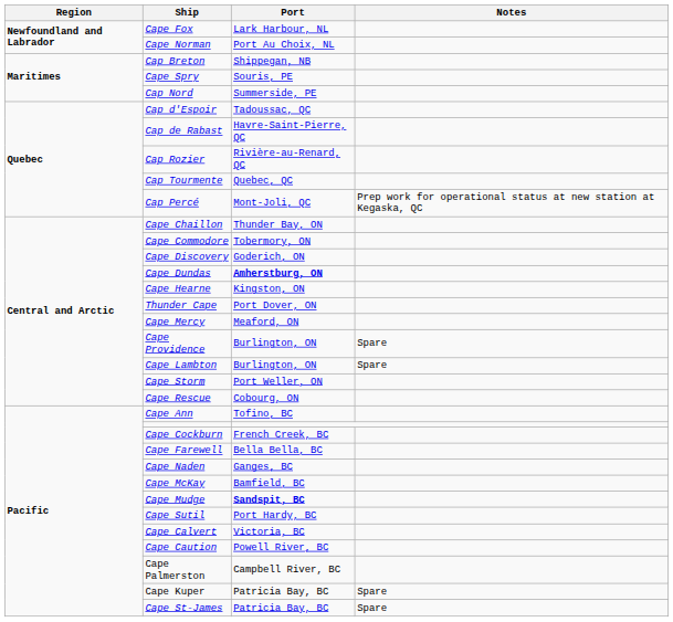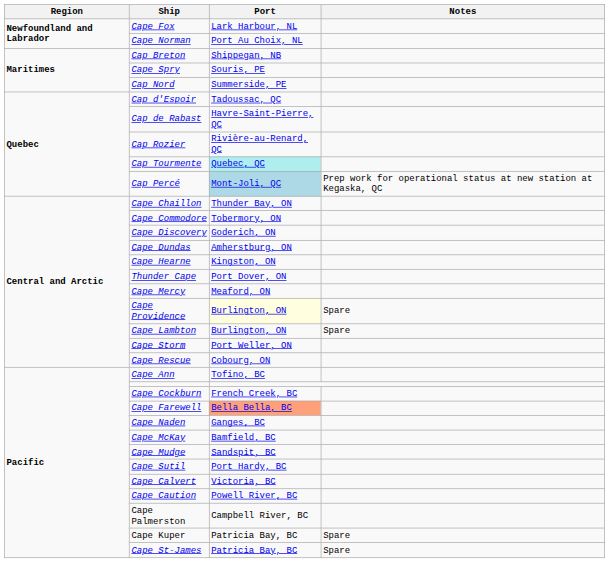 <table class="wikitable">
 <tr>
 <th>Region</th>
 <th>Ship</th>
 <th>Port</th>
 <th>Notes</th>
 </tr>
 <tr>
 <td rowspan="2"><strong>Newfoundland and Labrador</strong></td>
 <td><a href='#'><em>Cape Fox</em></a></td>
 <td><a href='#'>Lark Harbour, NL</a></td>
 <td></td>
 </tr>
 <tr>
 <td><a href='#'><em>Cape Norman</em></a></td>
 <td><a href='#'>Port Au Choix, NL</a></td>
 <td></td>
 </tr>
 <tr>
 <td rowspan="3"><strong>Maritimes</strong></td>
 <td><a href='#'><em>Cap Breton</em></a></td>
 <td><a href='#'>Shippegan, NB</a></td>
 <td></td>
 </tr>
 <tr>
 <td><a href='#'><em>Cape Spry</em></a></td>
 <td><a href='#'>Souris, PE</a></td>
 <td></td>
 </tr>
 <tr>
 <td><a href='#'><em>Cap Nord</em></a></td>
 <td><a href='#'>Summerside, PE</a></td>
 <td></td>
 </tr>
 <tr>
 <td rowspan="5"><strong>Quebec</strong></td>
 <td><a href='#'><em>Cap d'Espoir</em></a></td>
 <td><a href='#'>Tadoussac, QC</a></td>
 <td></td>
 </tr>
 <tr>
 <td><a href='#'><em>Cap de Rabast</em></a></td>
 <td><a href='#'>Havre-Saint-Pierre, QC</a></td>
 <td></td>
 </tr>
 <tr>
 <td><a href='#'><em>Cap Rozier</em></a></td>
 <td><a href='#'>Rivière-au-Renard, QC</a></td>
 <td></td>
 </tr>
 <tr>
 <td><a href='#'><em>Cap Tourmente</em></a></td>
-<td><a href='#'>Quebec, QC</a></td>
+<td style="background: paleturquoise;"><a href='#'>Quebec, QC</a></td>
 <td></td>
 </tr>
 <tr>
 <td><a href='#'><em>Cap Percé</em></a></td>
-<td><a href='#'>Mont-Joli, QC</a></td>
+<td style="background: lightblue;"><a href='#'>Mont-Joli, QC</a></td>
 <td>Prep work for operational status at new station at Kegaska, QC</td>
 </tr>
 <tr>
 <td rowspan="11"><strong>Central and Arctic</strong></td>
 <td><a href='#'><em>Cape Chaillon</em></a></td>
 <td><a href='#'>Thunder Bay, ON</a></td>
 <td></td>
 </tr>
 <tr>
 <td><a href='#'><em>Cape Commodore</em></a></td>
 <td><a href='#'>Tobermory, ON</a></td>
 <td></td>
 </tr>
 <tr>
 <td><a href='#'><em>Cape Discovery</em></a></td>
 <td><a href='#'>Goderich, ON</a></td>
 <td></td>
 </tr>
 <tr>
 <td><a href='#'><em>Cape Dundas</em></a></td>
-<td><strong><a href='#'>Amherstburg, ON</a></strong></td>
+<td><a href='#'>Amherstburg, ON</a></td>
 <td></td>
 </tr>
 <tr>
 <td><a href='#'><em>Cape Hearne</em></a></td>
 <td><a href='#'>Kingston, ON</a></td>
 <td></td>
 </tr>
 <tr>
 <td><a href='#'><em>Thunder Cape</em></a></td>
 <td><a href='#'>Port Dover, ON</a></td>
 <td></td>
 </tr>
 <tr>
 <td><a href='#'><em>Cape Mercy</em></a></td>
 <td><a href='#'>Meaford, ON</a></td>
 <td></td>
 </tr>
 <tr>
 <td><a href='#'><em>Cape Providence</em></a></td>
-<td><a href='#'>Burlington, ON</a></td>
+<td style="background: lightyellow;"><a href='#'>Burlington, ON</a></td>
 <td>Spare</td>
 </tr>
 <tr>
 <td><a href='#'><em>Cape Lambton</em></a></td>
 <td><a href='#'>Burlington, ON</a></td>
 <td>Spare</td>
 </tr>
 <tr>
 <td><a href='#'><em>Cape Storm</em></a></td>
 <td><a href='#'>Port Weller, ON</a></td>
 <td></td>
 </tr>
 <tr>
 <td><a href='#'><em>Cape Rescue</em></a></td>
 <td><a href='#'>Cobourg, ON</a></td>
 <td></td>
 </tr>
 <tr>
 <td rowspan="13"><strong>Pacific</strong></td>
 <td><a href='#'><em>Cape Ann</em></a></td>
 <td><a href='#'>Tofino, BC</a></td>
 <td></td>
 </tr>
 <tr>
 <td></td>
 </tr>
 <tr>
 <td><a href='#'><em>Cape Cockburn</em></a></td>
 <td><a href='#'>French Creek, BC</a></td>
 <td></td>
 </tr>
 <tr>
 <td><a href='#'><em>Cape Farewell</em></a></td>
-<td><a href='#'>Bella Bella, BC</a></td>
+<td style="background: lightsalmon;"><a href='#'>Bella Bella, BC</a></td>
 <td></td>
 </tr>
 <tr>
 <td><a href='#'><em>Cape Naden</em></a></td>
 <td><a href='#'>Ganges, BC</a></td>
 <td></td>
 </tr>
 <tr>
 <td><a href='#'><em>Cape McKay</em></a></td>
 <td><a href='#'>Bamfield, BC</a></td>
 <td></td>
 </tr>
 <tr>
 <td><a href='#'><em>Cape Mudge</em></a></td>
-<td><strong><a href='#'>Sandspit, BC</a></strong></td>
+<td><a href='#'>Sandspit, BC</a></td>
 <td></td>
 </tr>
 <tr>
 <td><a href='#'><em>Cape Sutil</em></a></td>
 <td><a href='#'>Port Hardy, BC</a></td>
 <td></td>
 </tr>
 <tr>
 <td><a href='#'><em>Cape Calvert</em></a></td>
 <td><a href='#'>Victoria, BC</a></td>
 <td></td>
 </tr>
 <tr>
 <td><a href='#'><em>Cape Caution</em></a></td>
 <td><a href='#'>Powell River, BC</a></td>
 <td></td>
 </tr>
 <tr>
 <td>Cape Palmerston</td>
 <td>Campbell River, BC</td>
 <td></td>
 </tr>
 <tr>
 <td>Cape Kuper</td>
 <td>Patricia Bay, BC</td>
 <td>Spare</td>
 </tr>
 <tr>
 <td><a href='#'><em>Cape St-James</em></a></td>
 <td><a href='#'>Patricia Bay, BC</a></td>
 <td>Spare</td>
 </tr>
 </table>
